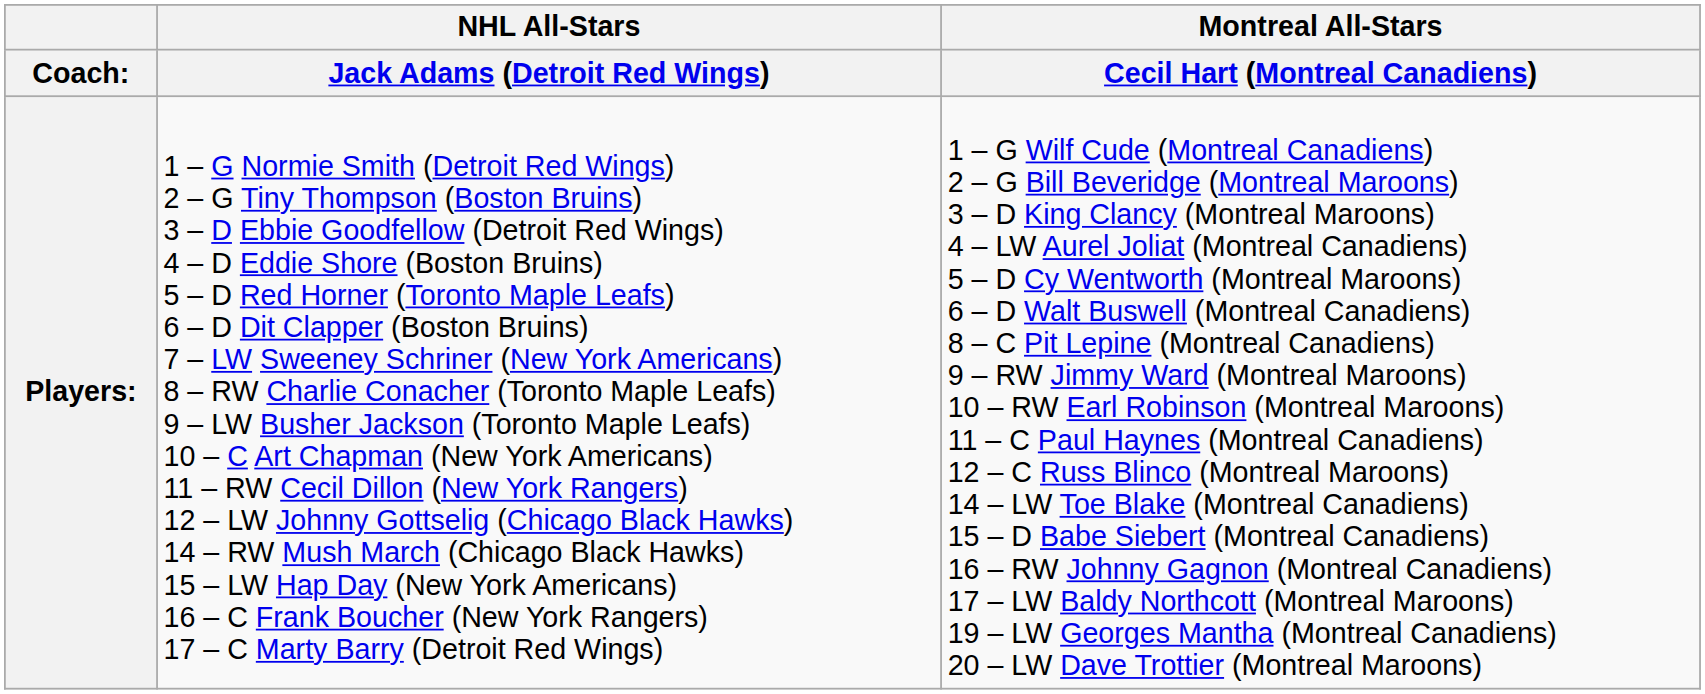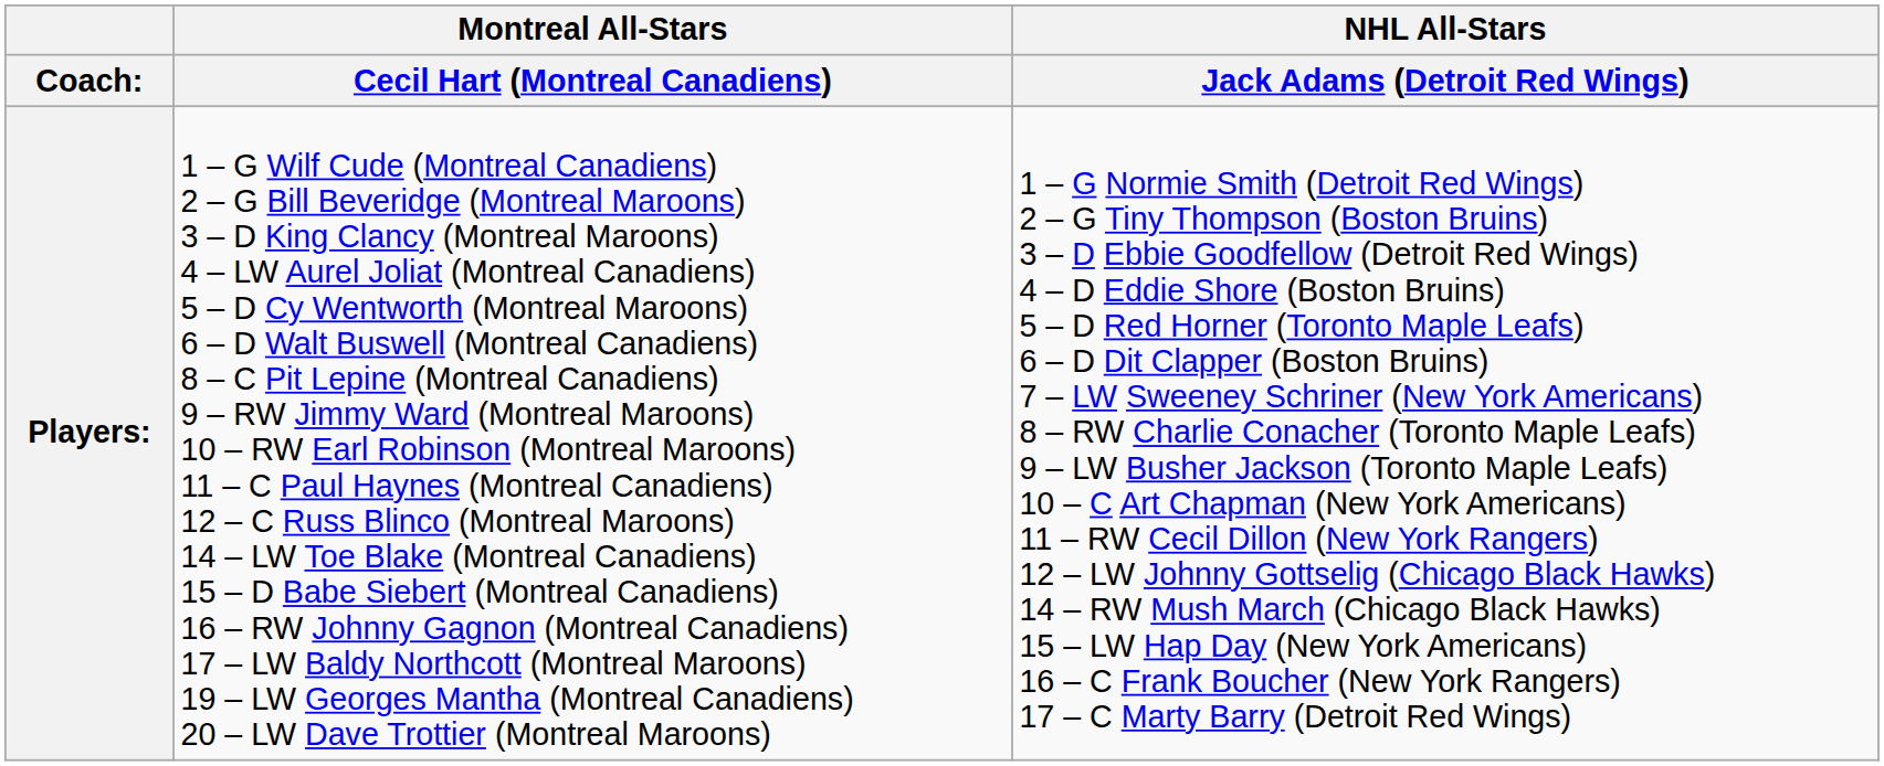 <table class="wikitable" style="width:75%">
 <tr>
 <th></th>
+<th>Montreal All-Stars</th>
 <th>NHL All-Stars</th>
-<th>Montreal All-Stars</th>
 </tr>
 <tr>
 <th>Coach:</th>
+<th><a href='#'>Cecil Hart</a> (<a href='#'>Montreal Canadiens</a>)</th>
 <th><a href='#'>Jack Adams</a> (<a href='#'>Detroit Red Wings</a>)</th>
-<th><a href='#'>Cecil Hart</a> (<a href='#'>Montreal Canadiens</a>)</th>
 </tr>
 <tr>
 <th>Players:</th>
+<td><br>1 – G <a href='#'>Wilf Cude</a> (<a href='#'>Montreal Canadiens</a>)<br> 2 – G <a href='#'>Bill Beveridge</a> (<a href='#'>Montreal Maroons</a>)<br> 3 – D <a href='#'>King Clancy</a> (Montreal Maroons)<br> 4 – LW <a href='#'>Aurel Joliat</a> (Montreal Canadiens)<br> 5 – D <a href='#'>Cy Wentworth</a> (Montreal Maroons)<br> 6 – D <a href='#'>Walt Buswell</a> (Montreal Canadiens)<br> 8 – C <a href='#'>Pit Lepine</a> (Montreal Canadiens)<br> 9 – RW <a href='#'>Jimmy Ward</a> (Montreal Maroons)<br> 10 – RW <a href='#'>Earl Robinson</a> (Montreal Maroons)<br> 11 – C <a href='#'>Paul Haynes</a> (Montreal Canadiens)<br> 12 – C <a href='#'>Russ Blinco</a> (Montreal Maroons)<br> 14 – LW <a href='#'>Toe Blake</a> (Montreal Canadiens)<br> 15 – D <a href='#'>Babe Siebert</a> (Montreal Canadiens)<br> 16 – RW <a href='#'>Johnny Gagnon</a> (Montreal Canadiens)<br> 17 – LW <a href='#'>Baldy Northcott</a> (Montreal Maroons)<br> 19 – LW <a href='#'>Georges Mantha</a> (Montreal Canadiens)<br> 20 – LW <a href='#'>Dave Trottier</a> (Montreal Maroons)</td>
 <td><br>1 – <a href='#'>G</a> <a href='#'>Normie Smith</a> (<a href='#'>Detroit Red Wings</a>)<br> 2 – G <a href='#'>Tiny Thompson</a> (<a href='#'>Boston Bruins</a>)<br> 3 – <a href='#'>D</a> <a href='#'>Ebbie Goodfellow</a> (Detroit Red Wings)<br> 4 – D <a href='#'>Eddie Shore</a> (Boston Bruins)<br> 5 – D <a href='#'>Red Horner</a> (<a href='#'>Toronto Maple Leafs</a>)<br> 6 – D <a href='#'>Dit Clapper</a> (Boston Bruins)<br> 7 – <a href='#'>LW</a> <a href='#'>Sweeney Schriner</a> (<a href='#'>New York Americans</a>)<br> 8 – RW <a href='#'>Charlie Conacher</a> (Toronto Maple Leafs)<br> 9 – LW <a href='#'>Busher Jackson</a> (Toronto Maple Leafs)<br> 10 – <a href='#'>C</a> <a href='#'>Art Chapman</a> (New York Americans)<br> 11 – RW <a href='#'>Cecil Dillon</a> (<a href='#'>New York Rangers</a>)<br> 12 – LW <a href='#'>Johnny Gottselig</a> (<a href='#'>Chicago Black Hawks</a>)<br> 14 – RW <a href='#'>Mush March</a> (Chicago Black Hawks)<br> 15 – LW <a href='#'>Hap Day</a> (New York Americans)<br> 16 – C <a href='#'>Frank Boucher</a> (New York Rangers)<br> 17 – C <a href='#'>Marty Barry</a> (Detroit Red Wings)<br></td>
-<td><br>1 – G <a href='#'>Wilf Cude</a> (<a href='#'>Montreal Canadiens</a>)<br> 2 – G <a href='#'>Bill Beveridge</a> (<a href='#'>Montreal Maroons</a>)<br> 3 – D <a href='#'>King Clancy</a> (Montreal Maroons)<br> 4 – LW <a href='#'>Aurel Joliat</a> (Montreal Canadiens)<br> 5 – D <a href='#'>Cy Wentworth</a> (Montreal Maroons)<br> 6 – D <a href='#'>Walt Buswell</a> (Montreal Canadiens)<br> 8 – C <a href='#'>Pit Lepine</a> (Montreal Canadiens)<br> 9 – RW <a href='#'>Jimmy Ward</a> (Montreal Maroons)<br> 10 – RW <a href='#'>Earl Robinson</a> (Montreal Maroons)<br> 11 – C <a href='#'>Paul Haynes</a> (Montreal Canadiens)<br> 12 – C <a href='#'>Russ Blinco</a> (Montreal Maroons)<br> 14 – LW <a href='#'>Toe Blake</a> (Montreal Canadiens)<br> 15 – D <a href='#'>Babe Siebert</a> (Montreal Canadiens)<br> 16 – RW <a href='#'>Johnny Gagnon</a> (Montreal Canadiens)<br> 17 – LW <a href='#'>Baldy Northcott</a> (Montreal Maroons)<br> 19 – LW <a href='#'>Georges Mantha</a> (Montreal Canadiens)<br> 20 – LW <a href='#'>Dave Trottier</a> (Montreal Maroons)</td>
 </tr>
 </table>
